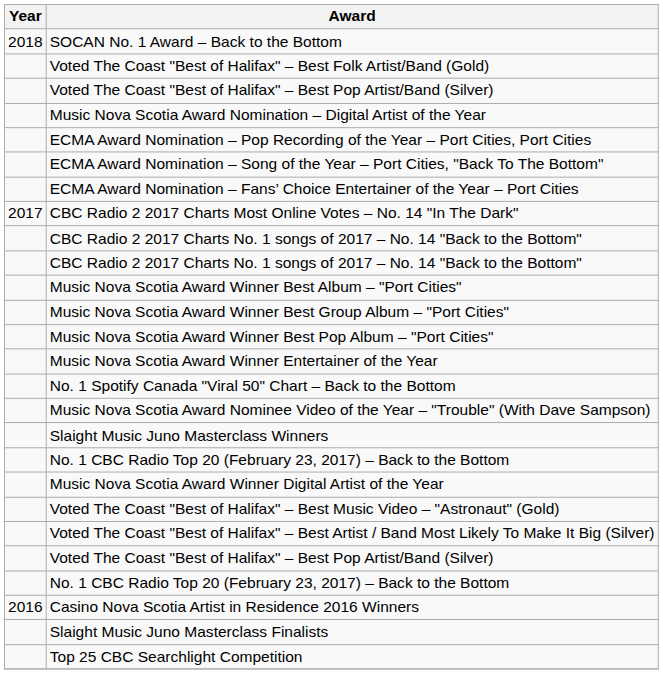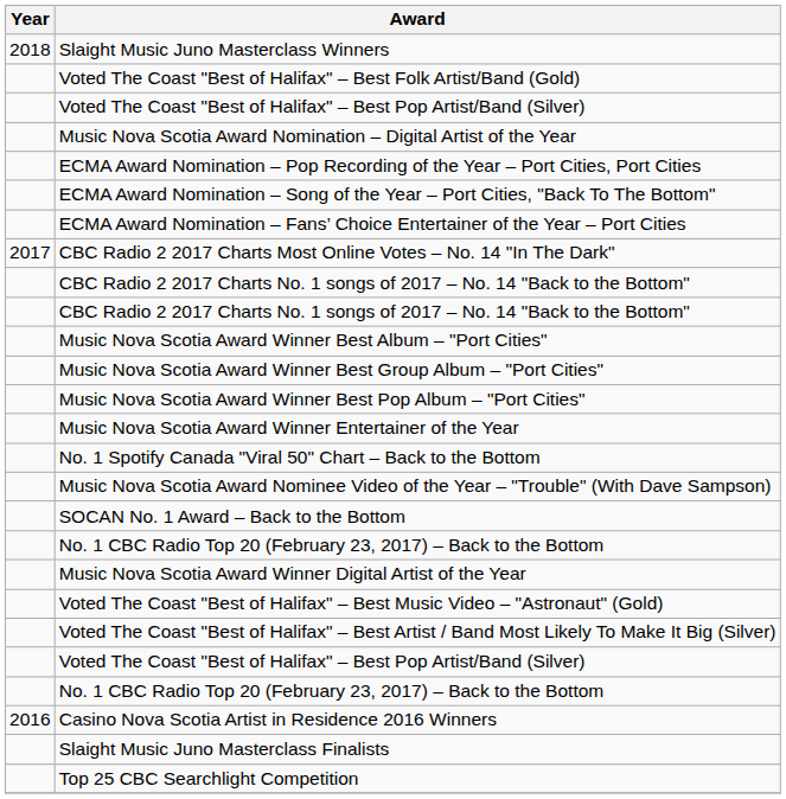 <table class="wikitable">
 <tr>
 <th>Year</th>
 <th>Award</th>
 </tr>
 <tr>
 <td>2018</td>
-<td>SOCAN No. 1 Award – Back to the Bottom</td>
+<td>Slaight Music Juno Masterclass Winners</td>
 </tr>
 <tr>
 <td></td>
 <td>Voted The Coast "Best of Halifax" – Best Folk Artist/Band (Gold)</td>
 </tr>
 <tr>
 <td></td>
 <td>Voted The Coast "Best of Halifax" – Best Pop Artist/Band (Silver)</td>
 </tr>
 <tr>
 <td></td>
 <td>Music Nova Scotia Award Nomination – Digital Artist of the Year</td>
 </tr>
 <tr>
 <td></td>
 <td>ECMA Award Nomination – Pop Recording of the Year – Port Cities, Port Cities</td>
 </tr>
 <tr>
 <td></td>
 <td>ECMA Award Nomination – Song of the Year – Port Cities, "Back To The Bottom"</td>
 </tr>
 <tr>
 <td></td>
 <td>ECMA Award Nomination – Fans’ Choice Entertainer of the Year – Port Cities</td>
 </tr>
 <tr>
 <td>2017</td>
 <td>CBC Radio 2 2017 Charts Most Online Votes – No. 14 "In The Dark"</td>
 </tr>
 <tr>
 <td></td>
 <td>CBC Radio 2 2017 Charts No. 1 songs of 2017 – No. 14 "Back to the Bottom"</td>
 </tr>
 <tr>
 <td></td>
 <td>CBC Radio 2 2017 Charts No. 1 songs of 2017 – No. 14 "Back to the Bottom"</td>
 </tr>
 <tr>
 <td></td>
 <td>Music Nova Scotia Award Winner Best Album – "Port Cities"</td>
 </tr>
 <tr>
 <td></td>
 <td>Music Nova Scotia Award Winner Best Group Album – "Port Cities"</td>
 </tr>
 <tr>
 <td></td>
 <td>Music Nova Scotia Award Winner Best Pop Album – "Port Cities"</td>
 </tr>
 <tr>
 <td></td>
 <td>Music Nova Scotia Award Winner Entertainer of the Year</td>
 </tr>
 <tr>
 <td></td>
 <td>No. 1 Spotify Canada "Viral 50" Chart – Back to the Bottom</td>
 </tr>
 <tr>
 <td></td>
 <td>Music Nova Scotia Award Nominee Video of the Year – "Trouble" (With Dave Sampson)</td>
 </tr>
 <tr>
 <td></td>
-<td>Slaight Music Juno Masterclass Winners</td>
+<td>SOCAN No. 1 Award – Back to the Bottom</td>
 </tr>
 <tr>
 <td></td>
 <td>No. 1 CBC Radio Top 20 (February 23, 2017) – Back to the Bottom</td>
 </tr>
 <tr>
 <td></td>
 <td>Music Nova Scotia Award Winner Digital Artist of the Year</td>
 </tr>
 <tr>
 <td></td>
 <td>Voted The Coast "Best of Halifax" – Best Music Video – "Astronaut" (Gold)</td>
 </tr>
 <tr>
 <td></td>
 <td>Voted The Coast "Best of Halifax" – Best Artist / Band Most Likely To Make It Big (Silver)</td>
 </tr>
 <tr>
 <td></td>
 <td>Voted The Coast "Best of Halifax" – Best Pop Artist/Band (Silver)</td>
 </tr>
 <tr>
 <td></td>
 <td>No. 1 CBC Radio Top 20 (February 23, 2017) – Back to the Bottom</td>
 </tr>
 <tr>
 <td>2016</td>
 <td>Casino Nova Scotia Artist in Residence 2016 Winners</td>
 </tr>
 <tr>
 <td></td>
 <td>Slaight Music Juno Masterclass Finalists</td>
 </tr>
 <tr>
 <td></td>
 <td>Top 25 CBC Searchlight Competition</td>
 </tr>
 <tr>
 </tr>
 </table>
